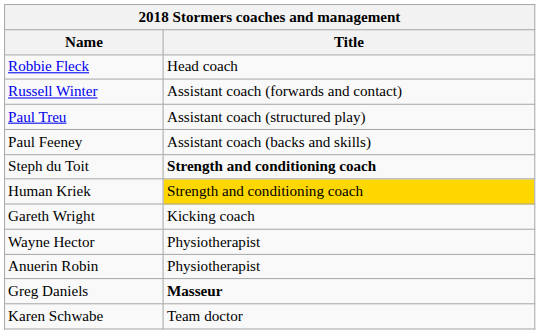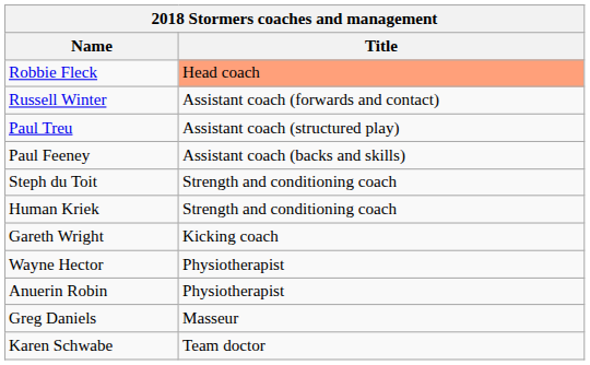 <table class="wikitable sortable" style="text-align:left; font-size:90%; width:40%">
 <tr>
 <th colspan=100%>2018 Stormers coaches and management</th>
 </tr>
 <tr>
 <th style="width:30%;">Name</th>
 <th style="width:70%;">Title</th>
 </tr>
 <tr>
 <td><a href='#'>Robbie Fleck</a></td>
-<td>Head coach</td>
+<td style="background: lightsalmon;">Head coach</td>
 </tr>
 <tr>
 <td><a href='#'>Russell Winter</a></td>
 <td>Assistant coach (forwards and contact)</td>
 </tr>
 <tr>
 <td><a href='#'>Paul Treu</a></td>
 <td>Assistant coach (structured play)</td>
 </tr>
 <tr>
 <td>Paul Feeney</td>
 <td>Assistant coach (backs and skills)</td>
 </tr>
 <tr>
 <td>Steph du Toit</td>
-<td><strong>Strength and conditioning coach</strong></td>
+<td>Strength and conditioning coach</td>
 </tr>
 <tr>
 <td>Human Kriek</td>
-<td style="background: gold;">Strength and conditioning coach</td>
+<td>Strength and conditioning coach</td>
 </tr>
 <tr>
 <td>Gareth Wright</td>
 <td>Kicking coach</td>
 </tr>
 <tr>
 <td>Wayne Hector</td>
 <td>Physiotherapist</td>
 </tr>
 <tr>
 <td>Anuerin Robin</td>
 <td>Physiotherapist</td>
 </tr>
 <tr>
 <td>Greg Daniels</td>
-<td><strong>Masseur</strong></td>
+<td>Masseur</td>
 </tr>
 <tr>
 <td>Karen Schwabe</td>
 <td>Team doctor</td>
 </tr>
 </table>
